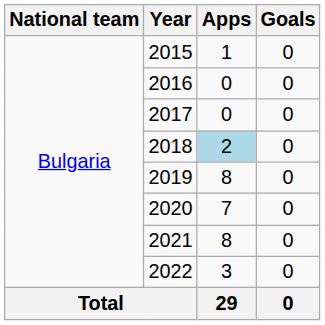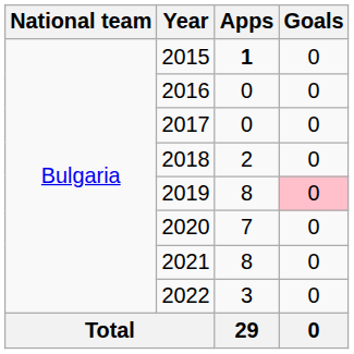 <table class="wikitable" style="text-align:center">
 <tr>
 <th>National team</th>
 <th>Year</th>
 <th>Apps</th>
 <th>Goals</th>
 </tr>
 <tr>
 <td rowspan="8"><a href='#'>Bulgaria</a></td>
 <td>2015</td>
-<td>1</td>
+<td><strong>1</strong></td>
 <td>0</td>
 </tr>
 <tr>
 <td>2016</td>
 <td>0</td>
 <td>0</td>
 </tr>
 <tr>
 <td>2017</td>
 <td>0</td>
 <td>0</td>
 </tr>
 <tr>
 <td>2018</td>
-<td style="background: lightblue;">2</td>
+<td>2</td>
 <td>0</td>
 </tr>
 <tr>
 <td>2019</td>
 <td>8</td>
-<td>0</td>
+<td style="background: pink;">0</td>
 </tr>
 <tr>
 <td>2020</td>
 <td>7</td>
 <td>0</td>
 </tr>
 <tr>
 <td>2021</td>
 <td>8</td>
 <td>0</td>
 </tr>
 <tr>
 <td>2022</td>
 <td>3</td>
 <td>0</td>
 </tr>
 <tr>
 <th colspan="2">Total</th>
 <th>29</th>
 <th>0</th>
 </tr>
 </table>
